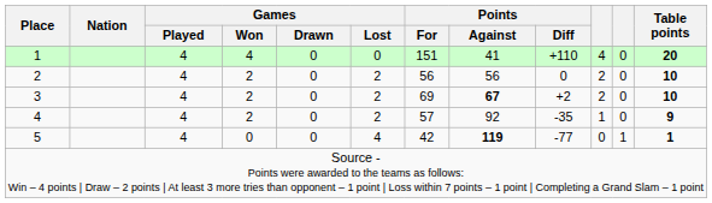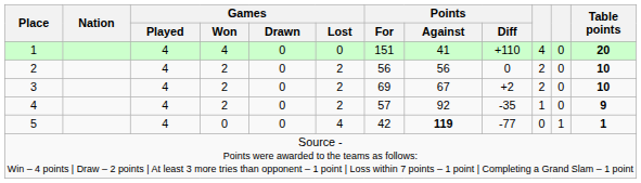 <table class="wikitable" style="text-align:center">
 <tr>
 <th rowspan="2">Place</th>
 <th rowspan="2">Nation</th>
 <th colspan="4">Games</th>
 <th colspan="3">Points</th>
 <th rowspan="2"></th>
 <th rowspan="2"></th>
 <th rowspan="2">Table<br>points</th>
 </tr>
 <tr>
 <th>Played</th>
 <th>Won</th>
 <th>Drawn</th>
 <th>Lost</th>
 <th>For</th>
 <th>Against</th>
 <th>Diff</th>
 </tr>
 <tr bgcolor="#cfc">
 <td>1</td>
 <td style="text-align:left"></td>
 <td>4</td>
 <td>4</td>
 <td>0</td>
 <td>0</td>
 <td>151</td>
 <td>41</td>
 <td>+110</td>
 <td>4</td>
 <td>0</td>
 <td><strong>20</strong></td>
 </tr>
 <tr>
 <td>2</td>
 <td style="text-align:left"></td>
 <td>4</td>
 <td>2</td>
 <td>0</td>
 <td>2</td>
 <td>56</td>
 <td>56</td>
 <td>0</td>
 <td>2</td>
 <td>0</td>
 <td><strong>10</strong></td>
 </tr>
 <tr>
 <td>3</td>
 <td style="text-align:left"></td>
 <td>4</td>
 <td>2</td>
 <td>0</td>
 <td>2</td>
 <td>69</td>
-<td><strong>67</strong></td>
+<td>67</td>
 <td>+2</td>
 <td>2</td>
 <td>0</td>
 <td><strong>10</strong></td>
 </tr>
 <tr>
 <td>4</td>
 <td style="text-align:left"></td>
 <td>4</td>
 <td>2</td>
 <td>0</td>
 <td>2</td>
 <td>57</td>
 <td>92</td>
 <td>-35</td>
 <td>1</td>
 <td>0</td>
 <td><strong>9</strong></td>
 </tr>
 <tr>
 <td>5</td>
 <td style="text-align:left"></td>
 <td>4</td>
 <td>0</td>
 <td>0</td>
 <td>4</td>
 <td>42</td>
 <td><strong>119</strong></td>
 <td>-77</td>
 <td>0</td>
 <td>1</td>
 <td><strong>1</strong></td>
 </tr>
 <tr>
 <td colspan="100%" style="text-align:center">Source -<br><small>Points were awarded to the teams as follows:<br>Win – 4 points | Draw – 2 points | At least 3 more tries than opponent – 1 point | Loss within 7 points – 1 point | Completing a Grand Slam – 1 point</small></td>
 </tr>
 </table>
